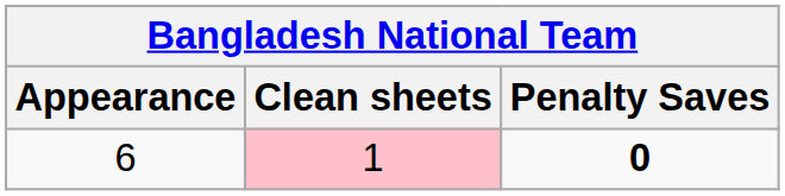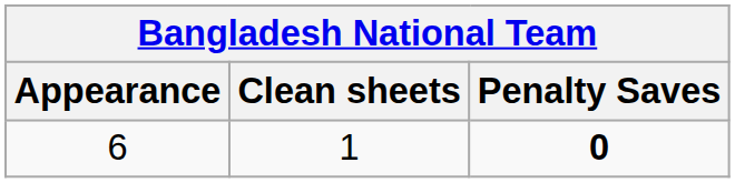 <table class="wikitable" style="text-align:center">
 <tr>
 <th colspan=3><a href='#'>Bangladesh National Team</a></th>
 </tr>
 <tr>
 <th>Appearance</th>
 <th>Clean sheets</th>
 <th>Penalty Saves</th>
 </tr>
 <tr>
 <td>6</td>
-<td style="background: pink;">1</td>
+<td>1</td>
 <td><strong>0</strong></td>
 </tr>
 </table>
